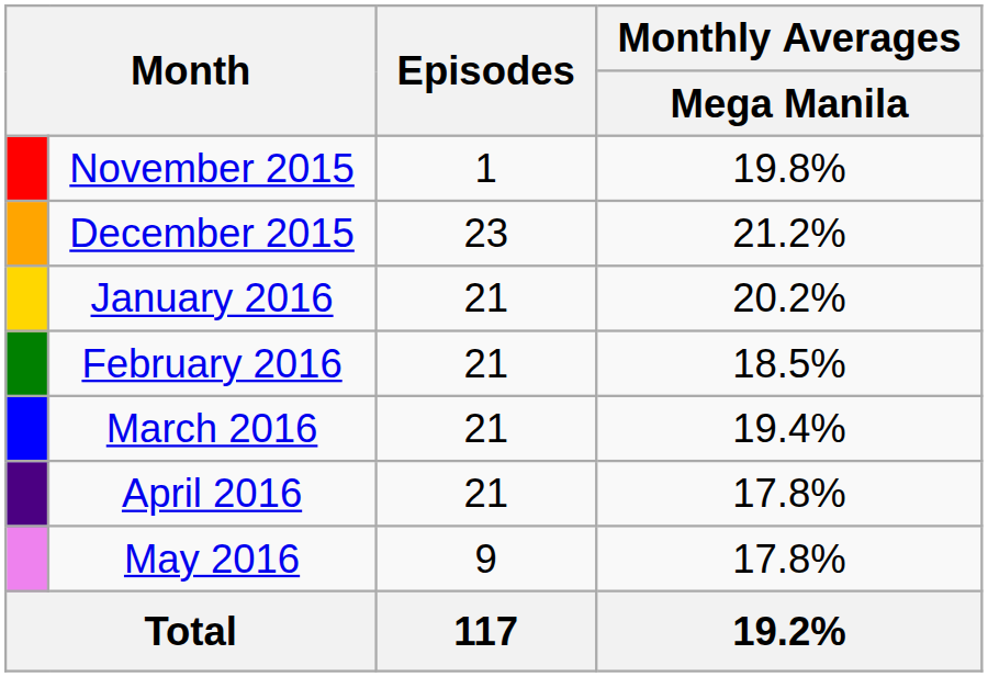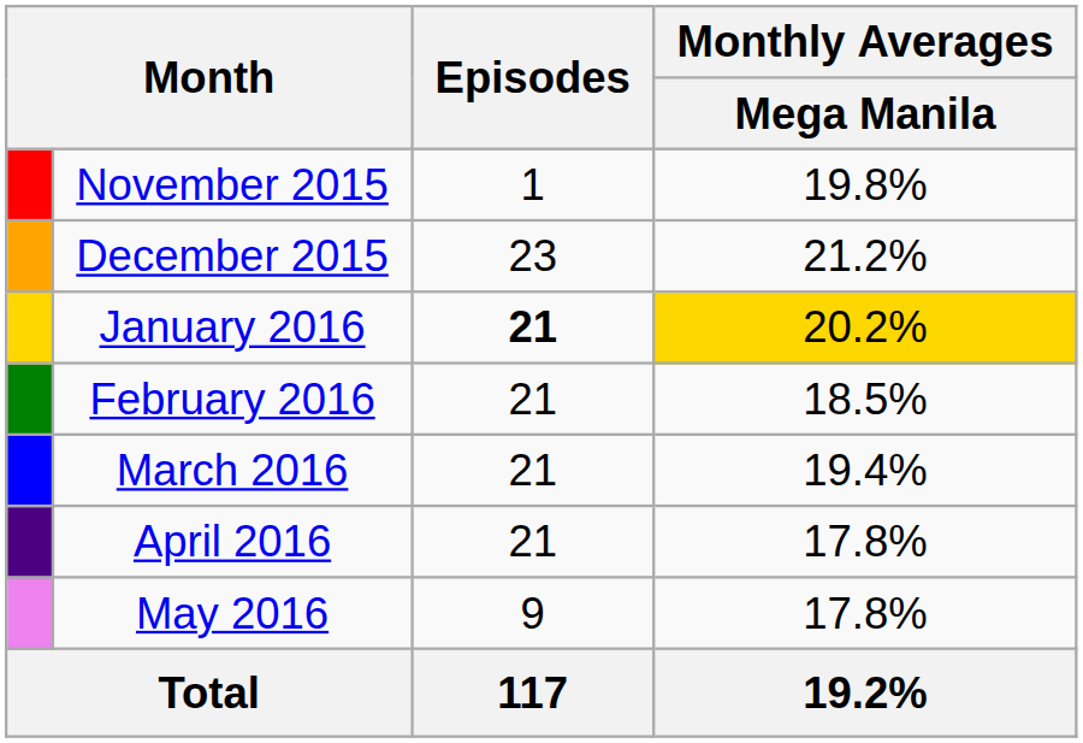 <table class="wikitable plainrowheaders" style="text-align: center; line-height:25px;">
 <tr class="wikitable" style="text-align: center;">
 <th colspan="2" rowspan="2" style="padding: 0 8px;">Month</th>
 <th rowspan="2" style="padding: 0 8px;">Episodes</th>
 <th colspan="2" style="padding: 0 8px;">Monthly Averages</th>
 </tr>
 <tr>
 <th style="padding: 0 8px;">Mega Manila</th>
 </tr>
 <tr>
 <td style="padding: 0 8px; background:#FF0000;"></td>
 <td style="padding: 0 8px;" '><a href='#'>November 2015</a></td>
 <td style="padding: 0 8px;">1</td>
 <td style="padding: 0 8px;">19.8%</td>
 </tr>
 <tr>
 <td style="padding: 0 8px; background:#FFA500;"></td>
 <td style="padding: 0 8px;" '><a href='#'>December 2015</a></td>
 <td style="padding: 0 8px;">23</td>
 <td style="padding: 0 8px;">21.2%</td>
 </tr>
 <tr>
 <td style="padding: 0 8px; background:#FFD700;"></td>
 <td style="padding: 0 8px;" '><a href='#'>January 2016</a></td>
-<td style="padding: 0 8px;">21</td>
-<td style="padding: 0 8px;">20.2%</td>
+<td style="padding: 0 8px;"><strong>21</strong></td>
+<td style="background: gold; padding: 0 8px;">20.2%</td>
 </tr>
 <tr>
 <td style="padding: 0 8px; background:#008000;"></td>
 <td style="padding: 0 8px;" '><a href='#'>February 2016</a></td>
 <td style="padding: 0 8px;">21</td>
 <td style="padding: 0 8px;">18.5%</td>
 </tr>
 <tr>
 <td style="padding: 0 8px; background:#0000FF;"></td>
 <td style="padding: 0 8px;" '><a href='#'>March 2016</a></td>
 <td style="padding: 0 8px;">21</td>
 <td style="padding: 0 8px;">19.4%</td>
 </tr>
 <tr>
 <td style="padding: 0 8px; background:#4B0082;"></td>
 <td style="padding: 0 8px;" '><a href='#'>April 2016</a></td>
 <td style="padding: 0 8px;">21</td>
 <td style="padding: 0 8px;">17.8%</td>
 </tr>
 <tr>
 <td style="padding: 0 8px; background:#EE82EE;"></td>
 <td style="padding: 0 8px;" '><a href='#'>May 2016</a></td>
 <td style="padding: 0 8px;">9</td>
 <td style="padding: 0 8px;">17.8%</td>
 </tr>
 <tr>
 <th colspan="2">Total</th>
 <th colspan="1">117</th>
 <th colspan="2">19.2%</th>
 </tr>
 </table>
